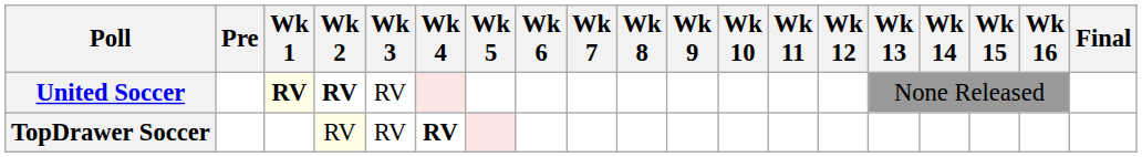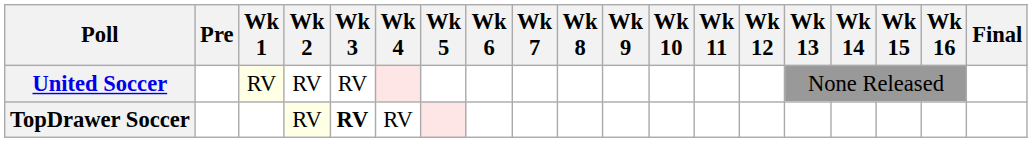 <table class="wikitable" style="white-space:nowrap;text-align:center;">
 <tr>
 <th>Poll</th>
 <th>Pre</th>
 <th>Wk<br>1</th>
 <th>Wk<br>2</th>
 <th>Wk<br>3</th>
 <th>Wk<br>4</th>
 <th>Wk<br>5</th>
 <th>Wk<br>6</th>
 <th>Wk<br>7</th>
 <th>Wk<br>8</th>
 <th>Wk<br>9</th>
 <th>Wk<br>10</th>
 <th>Wk<br>11</th>
 <th>Wk<br>12</th>
 <th>Wk<br>13</th>
 <th>Wk<br>14</th>
 <th>Wk<br>15</th>
 <th>Wk<br>16</th>
 <th>Final<br></th>
 </tr>
 <tr>
 <th><a href='#'>United Soccer</a></th>
 <td style="background:#FFFFFF;"></td>
-<td style="background:#FFFFE6;"><strong>RV</strong></td>
-<td style="background:#FFFFFF;"><strong>RV</strong></td>
+<td style="background:#FFFFE6;">RV</td>
+<td style="background:#FFFFFF;">RV</td>
 <td style="background:#FFFFFF;">RV</td>
 <td style="background:#FFE6E6;"></td>
 <td style="background:#FFFFFF;"></td>
 <td style="background:#FFFFFF;"></td>
 <td style="background:#FFFFFF;"></td>
 <td style="background:#FFFFFF;"></td>
 <td style="background:#FFFFFF;"></td>
 <td style="background:#FFFFFF;"></td>
 <td style="background:#FFFFFF;"></td>
 <td style="background:#FFFFFF;"></td>
 <td colspan=4 style="background:#999;">None Released</td>
 <td style="background:#FFFFFF;"></td>
 </tr>
 <tr>
 <th>TopDrawer Soccer </th>
 <td style="background:#FFFFFF;"></td>
 <td style="background:#FFFFFF;"></td>
 <td style="background:#FFFFE6;">RV</td>
+<td style="background:#FFFFFF;"><strong>RV</strong></td>
 <td style="background:#FFFFFF;">RV</td>
-<td style="background:#FFFFFF;"><strong>RV</strong></td>
 <td style="background:#FFE6E6;"></td>
 <td style="background:#FFFFFF;"></td>
 <td style="background:#FFFFFF;"></td>
 <td style="background:#FFFFFF;"></td>
 <td style="background:#FFFFFF;"></td>
 <td style="background:#FFFFFF;"></td>
 <td style="background:#FFFFFF;"></td>
 <td style="background:#FFFFFF;"></td>
 <td style="background:#FFFFFF;"></td>
 <td style="background:#FFFFFF;"></td>
 <td style="background:#FFFFFF;"></td>
 <td style="background:#FFFFFF;"></td>
 <td style="background:#FFFFFF;"></td>
 </tr>
 </table>
